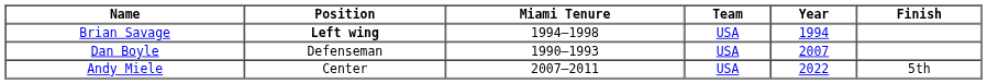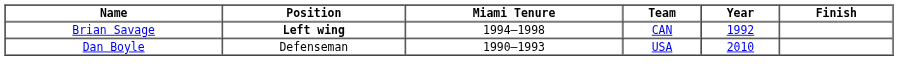 <table cellpadding="1" border="1" cellspacing="0" width="80%">
 <tr>
 <th>Name</th>
 <th>Position</th>
 <th>Miami Tenure</th>
 <th>Team</th>
 <th>Year</th>
 <th>Finish</th>
 </tr>
 <tr align="center">
 <td><a href='#'>Brian Savage</a></td>
 <td><strong>Left wing</strong></td>
 <td>1994–1998</td>
-<td> <a href='#'>USA</a></td>
-<td><a href='#'>1994</a></td>
+<td> <a href='#'>CAN</a></td>
+<td><a href='#'>1992</a></td>
 <td></td>
 </tr>
 <tr align="center">
 <td><a href='#'>Dan Boyle</a></td>
 <td>Defenseman</td>
 <td>1990–1993</td>
 <td> <a href='#'>USA</a></td>
-<td><a href='#'>2007</a></td>
+<td><a href='#'>2010</a></td>
 <td></td>
-</tr>
-<tr align="center">
-<td><a href='#'>Andy Miele</a></td>
-<td>Center</td>
-<td>2007–2011</td>
-<td> <a href='#'>USA</a></td>
-<td><a href='#'>2022</a></td>
-<td>5th</td>
 </tr>
 <tr align="center">
 </tr>
 </table>
